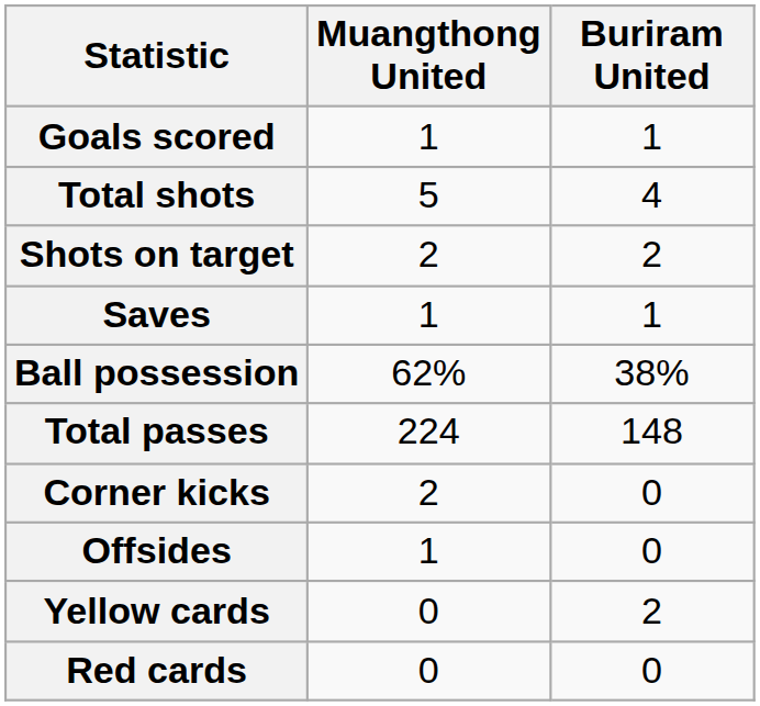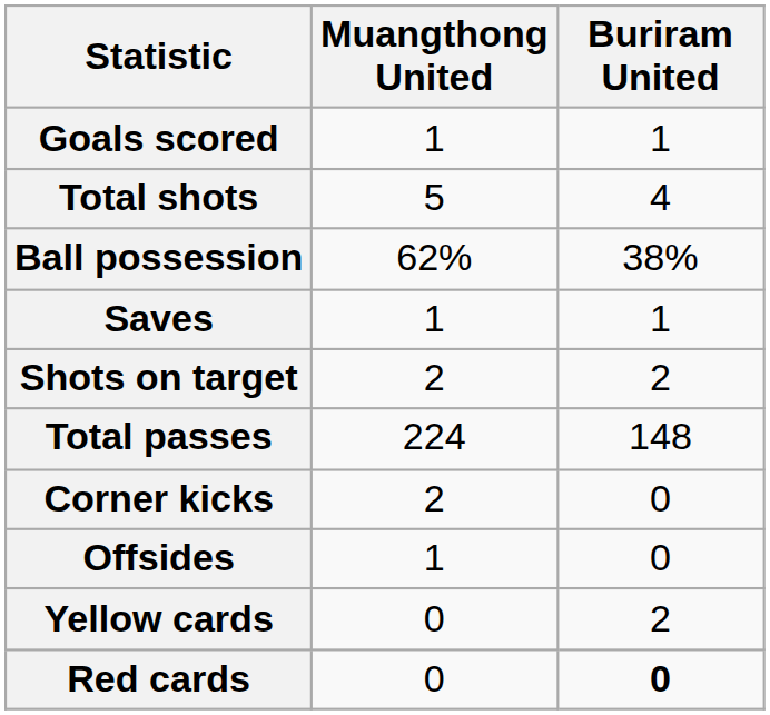 <table class="wikitable plainrowheaders" style="text-align:center">
 <tr>
 <th scope="col">Statistic</th>
 <th scope="col" style="width:80px">Muangthong United</th>
 <th scope="col" style="width:80px">Buriram United</th>
 </tr>
 <tr>
 <th scope=row>Goals scored</th>
 <td>1</td>
 <td>1</td>
 </tr>
 <tr>
 <th scope=row>Total shots</th>
 <td>5</td>
 <td>4</td>
 </tr>
 <tr>
-<th scope=row>Shots on target</th>
-<td>2</td>
-<td>2</td>
+<th scope=row>Ball possession</th>
+<td>62%</td>
+<td>38%</td>
 </tr>
 <tr>
 <th scope=row>Saves</th>
 <td>1</td>
 <td>1</td>
 </tr>
 <tr>
-<th scope=row>Ball possession</th>
-<td>62%</td>
-<td>38%</td>
+<th scope=row>Shots on target</th>
+<td>2</td>
+<td>2</td>
 </tr>
 <tr>
 <th scope=row>Total passes</th>
 <td>224</td>
 <td>148</td>
 </tr>
 <tr>
 <th scope=row>Corner kicks</th>
 <td>2</td>
 <td>0</td>
 </tr>
 <tr>
 <th scope=row>Offsides</th>
 <td>1</td>
 <td>0</td>
 </tr>
 <tr>
 <th scope=row>Yellow cards</th>
 <td>0</td>
 <td>2</td>
 </tr>
 <tr>
 <th scope=row>Red cards</th>
 <td>0</td>
-<td>0</td>
+<td><strong>0</strong></td>
 </tr>
 </table>
